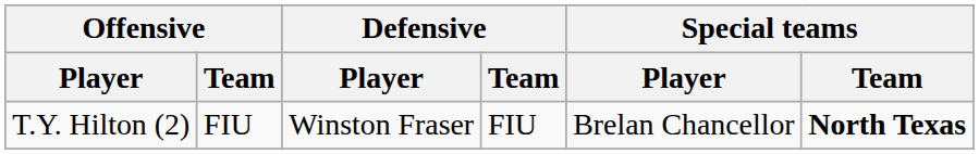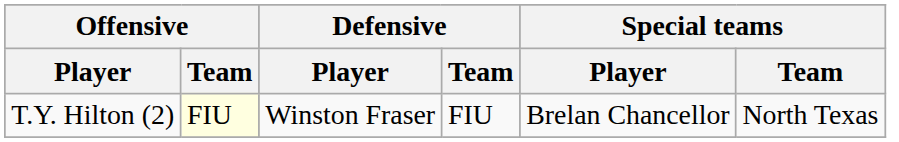 <table class="wikitable">
 <tr>
 <th colspan="2">Offensive</th>
 <th colspan="2">Defensive</th>
 <th colspan="2">Special teams</th>
 </tr>
 <tr>
 <th>Player</th>
 <th>Team</th>
 <th>Player</th>
 <th>Team</th>
 <th>Player</th>
 <th>Team</th>
 </tr>
 <tr>
 <td>T.Y. Hilton (2)</td>
-<td>FIU</td>
+<td style="background: lightyellow;">FIU</td>
 <td>Winston Fraser</td>
 <td>FIU</td>
 <td>Brelan Chancellor</td>
-<td><strong>North Texas</strong></td>
+<td>North Texas</td>
 </tr>
 </table>
